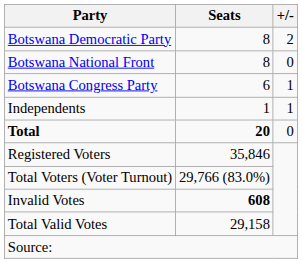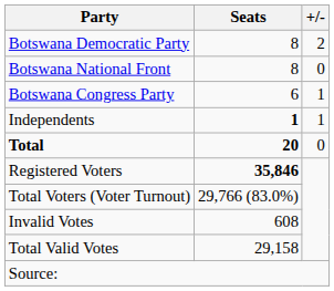 <table class=wikitable style=text-align:right>
 <tr>
 <th>Party</th>
 <th>Seats</th>
 <th>+/-</th>
 </tr>
 <tr>
 <td align=left><a href='#'>Botswana Democratic Party</a></td>
 <td>8</td>
 <td>2</td>
 </tr>
 <tr>
 <td align=left><a href='#'>Botswana National Front</a></td>
 <td>8</td>
 <td>0</td>
 </tr>
 <tr>
 <td align=left><a href='#'>Botswana Congress Party</a></td>
 <td>6</td>
 <td>1</td>
 </tr>
 <tr>
 <td align=left>Independents</td>
-<td>1</td>
+<td><strong>1</strong></td>
 <td>1</td>
 </tr>
 <tr>
 <td align=left><strong>Total</strong></td>
 <td><strong>20</strong></td>
 <td>0</td>
 </tr>
 <tr>
 <td align=left>Registered Voters</td>
-<td>35,846</td>
+<td><strong>35,846</strong></td>
 </tr>
 <tr>
 <td align=left>Total Voters (Voter Turnout)</td>
 <td>29,766 (83.0%)</td>
 </tr>
 <tr>
 <td align=left>Invalid Votes</td>
-<td><strong>608</strong></td>
+<td>608</td>
 </tr>
 <tr>
 <td align=left>Total Valid Votes</td>
 <td>29,158</td>
 </tr>
 <tr>
 <td colspan=4 align=left>Source: </td>
 </tr>
 </table>
